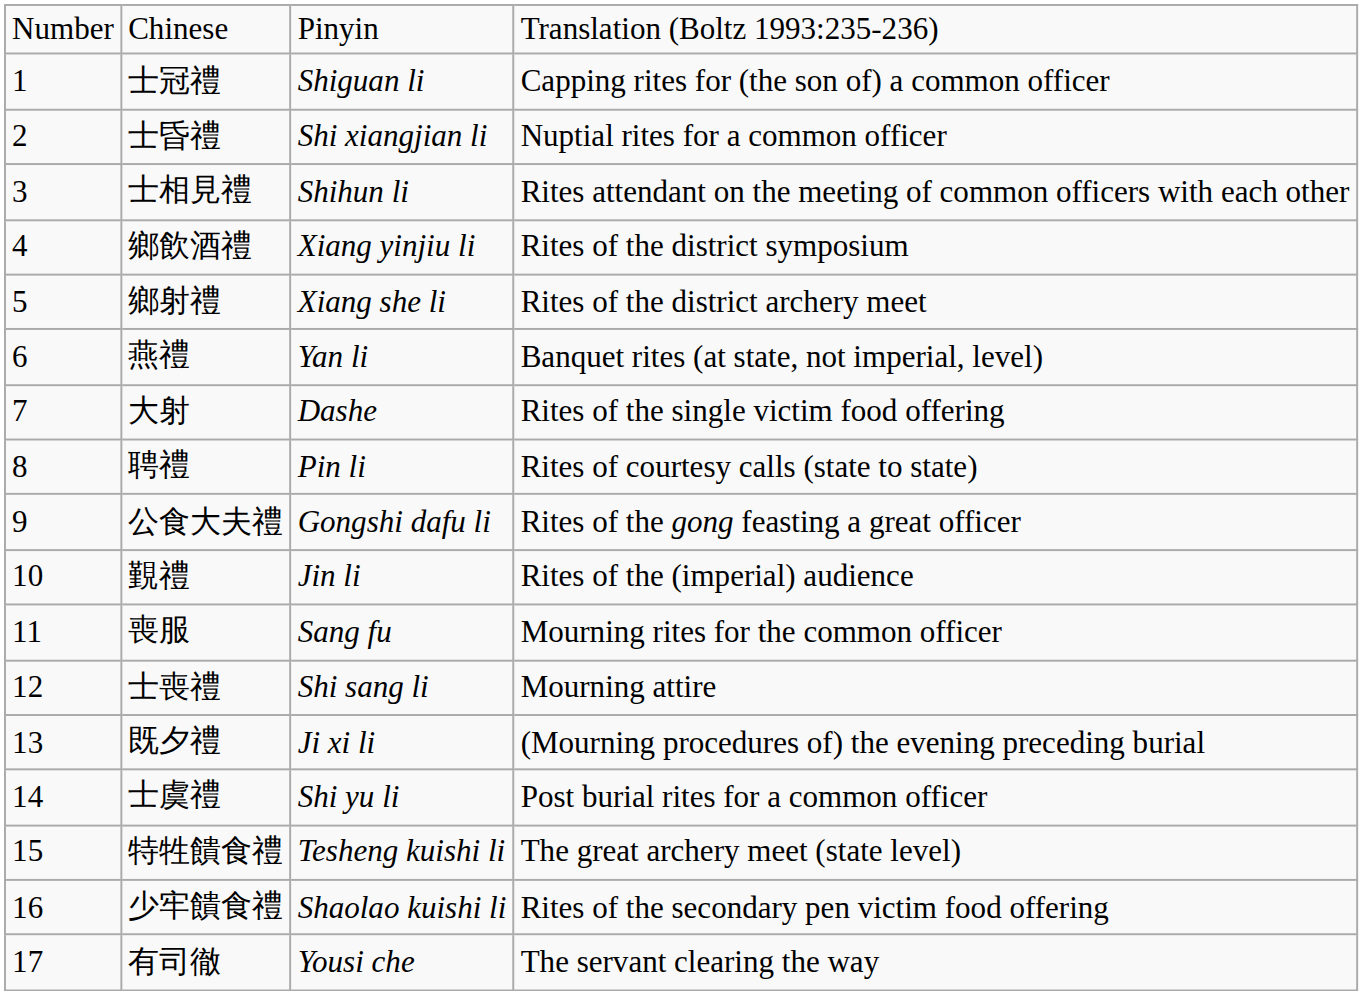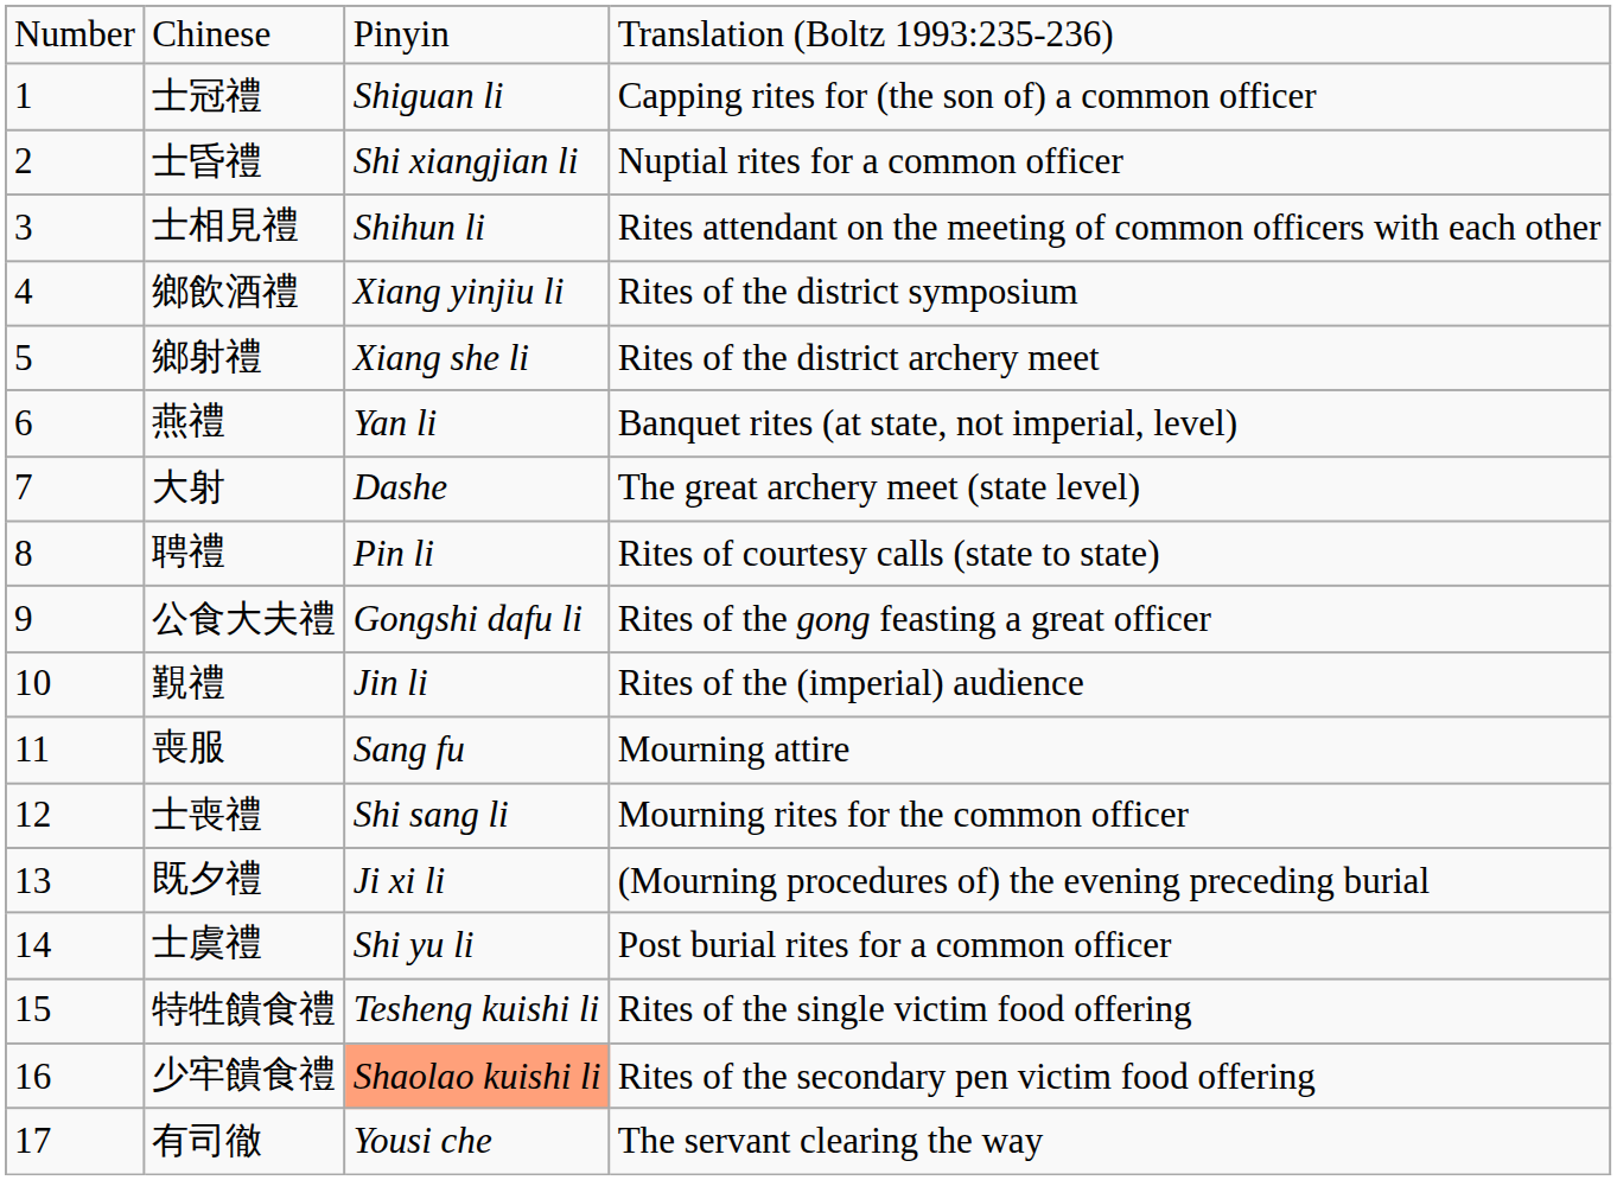 <table class="wikitable">
 <tr>
 <td>Number</td>
 <td>Chinese</td>
 <td>Pinyin</td>
 <td>Translation (Boltz 1993:235-236)</td>
 </tr>
 <tr>
 <td>1</td>
 <td>士冠禮</td>
 <td><em>Shiguan li</em></td>
 <td>Capping rites for (the son of) a common officer</td>
 </tr>
 <tr>
 <td>2</td>
 <td>士昏禮</td>
 <td><em>Shi xiangjian li</em></td>
 <td>Nuptial rites for a common officer</td>
 </tr>
 <tr>
 <td>3</td>
 <td>士相見禮</td>
 <td><em>Shihun li</em></td>
 <td>Rites attendant on the meeting of common officers with each other</td>
 </tr>
 <tr>
 <td>4</td>
 <td>鄉飲酒禮</td>
 <td><em>Xiang yinjiu li</em></td>
 <td>Rites of the district symposium</td>
 </tr>
 <tr>
 <td>5</td>
 <td>鄉射禮</td>
 <td><em>Xiang she li</em></td>
 <td>Rites of the district archery meet</td>
 </tr>
 <tr>
 <td>6</td>
 <td>燕禮</td>
 <td><em>Yan li</em></td>
 <td>Banquet rites (at state, not imperial, level)</td>
 </tr>
 <tr>
 <td>7</td>
 <td>大射</td>
 <td><em>Dashe</em></td>
-<td>Rites of the single victim food offering</td>
+<td>The great archery meet (state level)</td>
 </tr>
 <tr>
 <td>8</td>
 <td>聘禮</td>
 <td><em>Pin li</em></td>
 <td>Rites of courtesy calls (state to state)</td>
 </tr>
 <tr>
 <td>9</td>
 <td>公食大夫禮</td>
 <td><em>Gongshi dafu li</em></td>
 <td>Rites of the <em>gong</em> feasting a great officer</td>
 </tr>
 <tr>
 <td>10</td>
 <td>覲禮</td>
 <td><em>Jin li</em></td>
 <td>Rites of the (imperial) audience</td>
 </tr>
 <tr>
 <td>11</td>
 <td>喪服</td>
 <td><em>Sang fu</em></td>
-<td>Mourning rites for the common officer</td>
+<td>Mourning attire</td>
 </tr>
 <tr>
 <td>12</td>
 <td>士喪禮</td>
 <td><em>Shi sang li</em></td>
-<td>Mourning attire</td>
+<td>Mourning rites for the common officer</td>
 </tr>
 <tr>
 <td>13</td>
 <td>既夕禮</td>
 <td><em>Ji xi li</em></td>
 <td>(Mourning procedures of) the evening preceding burial</td>
 </tr>
 <tr>
 <td>14</td>
 <td>士虞禮</td>
 <td><em>Shi yu li</em></td>
 <td>Post burial rites for a common officer</td>
 </tr>
 <tr>
 <td>15</td>
 <td>特牲饋食禮</td>
 <td><em>Tesheng kuishi li</em></td>
-<td>The great archery meet (state level)</td>
+<td>Rites of the single victim food offering</td>
 </tr>
 <tr>
 <td>16</td>
 <td>少牢饋食禮</td>
-<td><em>Shaolao kuishi li</em></td>
+<td style="background: lightsalmon;"><em>Shaolao kuishi li</em></td>
 <td>Rites of the secondary pen victim food offering</td>
 </tr>
 <tr>
 <td>17</td>
 <td>有司徹</td>
 <td><em>Yousi che</em></td>
 <td>The servant clearing the way</td>
 </tr>
 </table>
